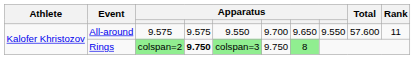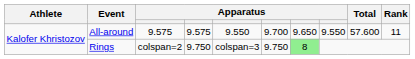 <table class="wikitable" style="font-size:90%">
 <tr>
 <th rowspan=2>Athlete</th>
 <th rowspan=2>Event</th>
 <th colspan=6>Apparatus</th>
 <th rowspan=2>Total</th>
 <th rowspan=2>Rank</th>
 </tr>
 <tr style="font-size:95%">
 <th></th>
 <th></th>
 <th></th>
 <th></th>
 <th></th>
 <th></th>
 </tr>
 <tr align=center>
 <td align=left rowspan=2><a href='#'>Kalofer Khristozov</a></td>
 <td align=left><a href='#'>All-around</a></td>
 <td>9.575</td>
 <td>9.575</td>
 <td>9.550</td>
 <td>9.700</td>
 <td>9.650</td>
 <td>9.550</td>
 <td>57.600</td>
 <td>11</td>
 </tr>
 <tr align=center>
 <td align=left><a href='#'>Rings</a></td>
-<td style="background: lightgreen;">colspan=2</td>
-<td><strong>9.750</strong></td>
-<td style="background: lightgreen;">colspan=3</td>
+<td>colspan=2</td>
+<td>9.750</td>
+<td>colspan=3</td>
 <td>9.750</td>
 <td style="background: lightgreen;">8</td>
 </tr>
 </table>
